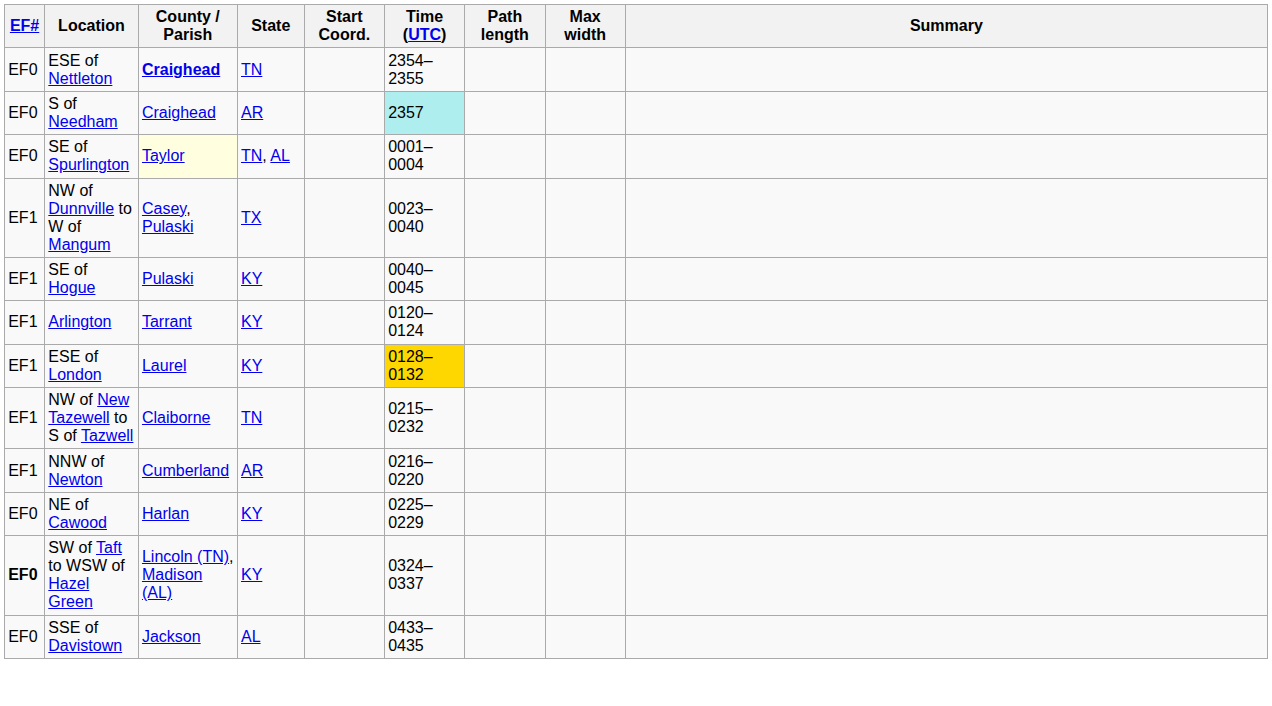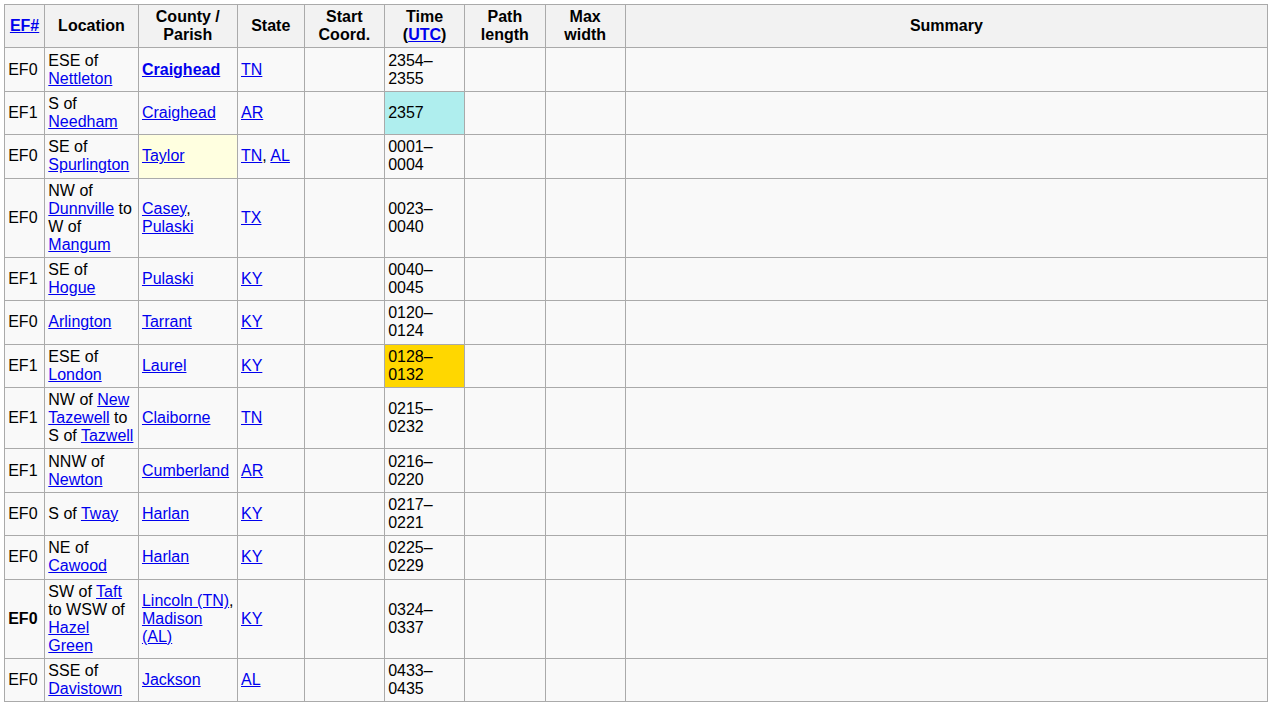 <table class="wikitable sortable" style="width:100%;">
 <tr>
 <th scope="col"  style="width:3%; text-align:center;"><a href='#'>EF#</a></th>
 <th scope="col"  style="width:7%; text-align:center;" class="unsortable">Location</th>
 <th scope="col"  style="width:6%; text-align:center;" class="unsortable">County / Parish</th>
 <th scope="col"  style="width:5%; text-align:center;">State</th>
 <th scope="col"  style="width:6%; text-align:center;">Start Coord.</th>
 <th scope="col"  style="width:6%; text-align:center;">Time (<a href='#'>UTC</a>)</th>
 <th scope="col"  style="width:6%; text-align:center;">Path length</th>
 <th scope="col"  style="width:6%; text-align:center;">Max width</th>
 <th scope="col" class="unsortable" style="width:48%; text-align:center;">Summary</th>
 </tr>
 <tr>
 <td>EF0</td>
 <td>ESE of <a href='#'>Nettleton</a></td>
 <td><strong><a href='#'>Craighead</a></strong></td>
 <td><a href='#'>TN</a></td>
 <td></td>
 <td>2354–2355</td>
 <td></td>
 <td></td>
 <td></td>
 </tr>
 <tr>
-<td>EF0</td>
+<td>EF1</td>
 <td>S of <a href='#'>Needham</a></td>
 <td><a href='#'>Craighead</a></td>
 <td><a href='#'>AR</a></td>
 <td></td>
 <td style="background: paleturquoise;">2357</td>
 <td></td>
 <td></td>
 <td></td>
 </tr>
 <tr>
 <td>EF0</td>
 <td>SE of <a href='#'>Spurlington</a></td>
 <td style="background: lightyellow;"><a href='#'>Taylor</a></td>
 <td><a href='#'>TN</a>, <a href='#'>AL</a></td>
 <td></td>
 <td>0001–0004</td>
 <td></td>
 <td></td>
 <td></td>
 </tr>
 <tr>
-<td>EF1</td>
+<td>EF0</td>
 <td>NW of <a href='#'>Dunnville</a> to W of <a href='#'>Mangum</a></td>
 <td><a href='#'>Casey</a>, <a href='#'>Pulaski</a></td>
 <td><a href='#'>TX</a></td>
 <td></td>
 <td>0023–0040</td>
 <td></td>
 <td></td>
 <td></td>
 </tr>
 <tr>
 <td>EF1</td>
 <td>SE of <a href='#'>Hogue</a></td>
 <td><a href='#'>Pulaski</a></td>
 <td><a href='#'>KY</a></td>
 <td></td>
 <td>0040–0045</td>
 <td></td>
 <td></td>
 <td></td>
 </tr>
 <tr>
-<td>EF1</td>
+<td>EF0</td>
 <td><a href='#'>Arlington</a></td>
 <td><a href='#'>Tarrant</a></td>
 <td><a href='#'>KY</a></td>
 <td></td>
 <td>0120–0124</td>
 <td></td>
 <td></td>
 <td></td>
 </tr>
 <tr>
 <td>EF1</td>
 <td>ESE of <a href='#'>London</a></td>
 <td><a href='#'>Laurel</a></td>
 <td><a href='#'>KY</a></td>
 <td></td>
 <td style="background: gold;">0128–0132</td>
 <td></td>
 <td></td>
 <td></td>
 </tr>
 <tr>
 <td>EF1</td>
 <td>NW of <a href='#'>New Tazewell</a> to S of <a href='#'>Tazwell</a></td>
 <td><a href='#'>Claiborne</a></td>
 <td><a href='#'>TN</a></td>
 <td></td>
 <td>0215–0232</td>
 <td></td>
 <td></td>
 <td></td>
 </tr>
 <tr>
 <td>EF1</td>
 <td>NNW of <a href='#'>Newton</a></td>
 <td><a href='#'>Cumberland</a></td>
 <td><a href='#'>AR</a></td>
 <td></td>
 <td>0216–0220</td>
 <td></td>
 <td></td>
 <td></td>
 </tr>
 <tr>
 <td>EF0</td>
+<td>S of <a href='#'>Tway</a></td>
+<td><a href='#'>Harlan</a></td>
+<td><a href='#'>KY</a></td>
+<td></td>
+<td>0217–0221</td>
+<td></td>
+<td></td>
+<td></td>
+</tr>
+<tr>
+<td>EF0</td>
 <td>NE of <a href='#'>Cawood</a></td>
 <td><a href='#'>Harlan</a></td>
 <td><a href='#'>KY</a></td>
 <td></td>
 <td>0225–0229</td>
 <td></td>
 <td></td>
 <td></td>
 </tr>
 <tr>
 <td><strong>EF0</strong></td>
 <td>SW of <a href='#'>Taft</a> to WSW of <a href='#'>Hazel Green</a></td>
 <td><a href='#'>Lincoln (TN)</a>, <a href='#'>Madison (AL)</a></td>
 <td><a href='#'>KY</a></td>
 <td></td>
 <td>0324–0337</td>
 <td></td>
 <td></td>
 <td></td>
 </tr>
 <tr>
 <td>EF0</td>
 <td>SSE of <a href='#'>Davistown</a></td>
 <td><a href='#'>Jackson</a></td>
 <td><a href='#'>AL</a></td>
 <td></td>
 <td>0433–0435</td>
 <td></td>
 <td></td>
 <td></td>
 </tr>
 <tr>
 </tr>
 </table>
